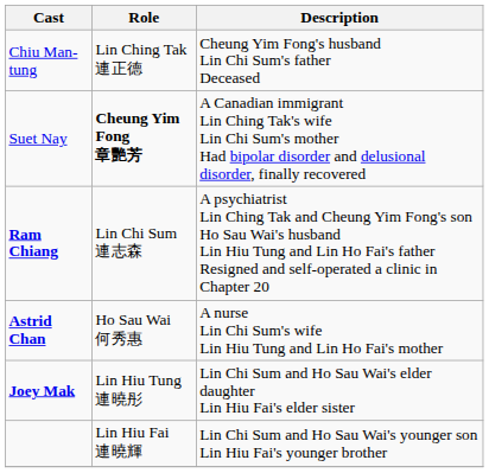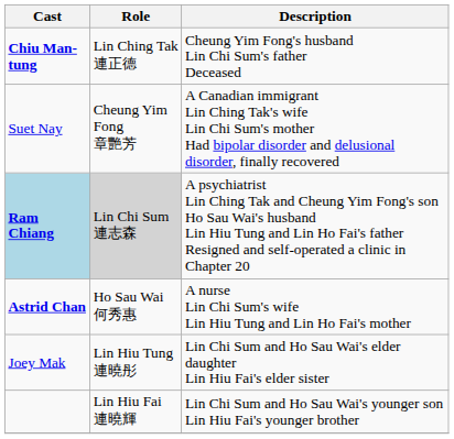 <table class="wikitable" width="55%">
 <tr>
 <th>Cast</th>
 <th>Role</th>
 <th>Description</th>
 </tr>
 <tr>
-<td><a href='#'>Chiu Man-tung</a></td>
+<td><strong><a href='#'>Chiu Man-tung</a></strong></td>
 <td>Lin Ching Tak<br>連正德</td>
 <td>Cheung Yim Fong's husband<br>Lin Chi Sum's father<br>Deceased</td>
 </tr>
 <tr>
 <td><a href='#'>Suet Nay</a></td>
-<td><strong>Cheung Yim Fong<br>章艷芳</strong></td>
+<td>Cheung Yim Fong<br>章艷芳</td>
 <td>A Canadian immigrant<br>Lin Ching Tak's wife<br>Lin Chi Sum's mother<br>Had <a href='#'>bipolar disorder</a> and <a href='#'>delusional disorder</a>, finally recovered</td>
 </tr>
 <tr>
-<td><strong><a href='#'>Ram Chiang</a></strong></td>
-<td>Lin Chi Sum<br>連志森</td>
+<td style="background: lightblue;"><strong><a href='#'>Ram Chiang</a></strong></td>
+<td style="background: lightgrey;">Lin Chi Sum<br>連志森</td>
 <td>A psychiatrist<br>Lin Ching Tak and Cheung Yim Fong's son<br>Ho Sau Wai's husband<br>Lin Hiu Tung and Lin Ho Fai's father<br>Resigned and self-operated a clinic in Chapter 20</td>
 </tr>
 <tr>
 <td><strong><a href='#'>Astrid Chan</a></strong></td>
 <td>Ho Sau Wai<br>何秀惠</td>
 <td>A nurse<br>Lin Chi Sum's wife<br>Lin Hiu Tung and Lin Ho Fai's mother</td>
 </tr>
 <tr>
-<td><strong><a href='#'>Joey Mak</a></strong></td>
+<td><a href='#'>Joey Mak</a></td>
 <td>Lin Hiu Tung<br>連曉彤</td>
 <td>Lin Chi Sum and Ho Sau Wai's elder daughter<br>Lin Hiu Fai's elder sister</td>
 </tr>
 <tr>
 <td></td>
 <td>Lin Hiu Fai<br>連曉輝</td>
 <td>Lin Chi Sum and Ho Sau Wai's younger son<br>Lin Hiu Fai's younger brother</td>
 </tr>
 <tr>
 </tr>
 </table>
